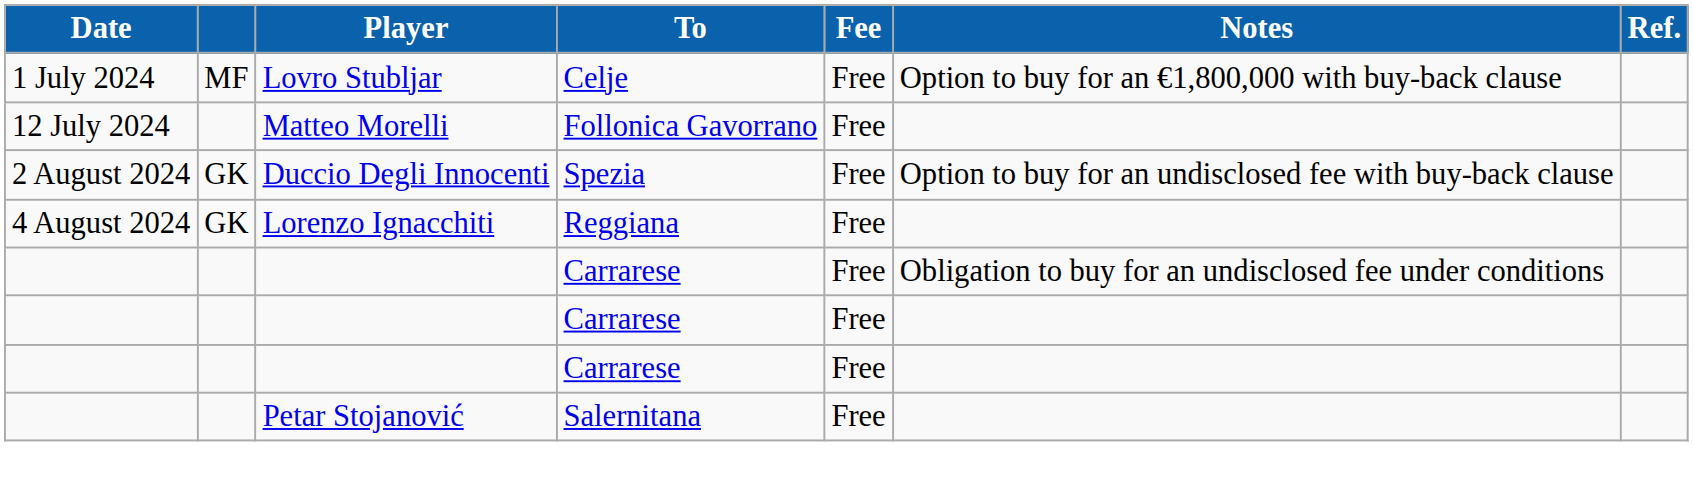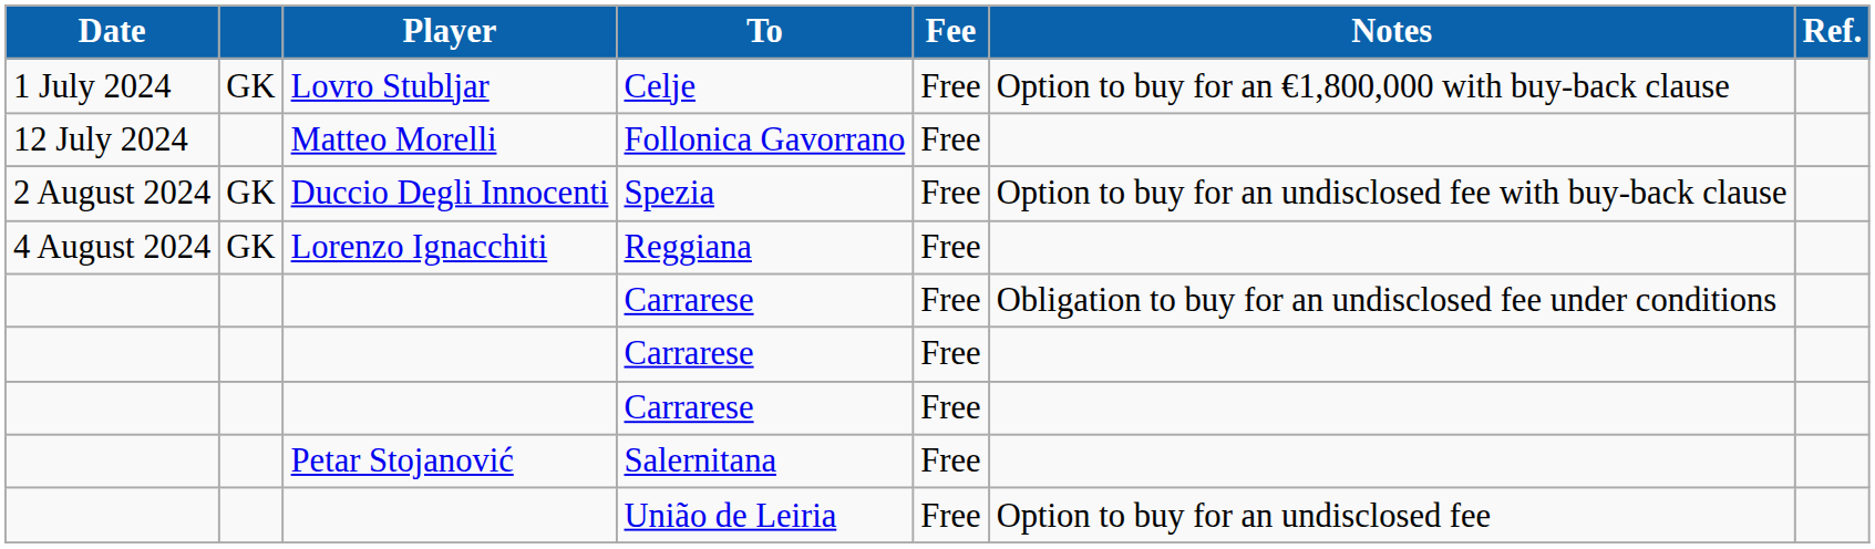 <table class="wikitable">
 <tr>
 <th style="background:#0962AB;color:white">Date</th>
 <th style="background:#0962AB;color:white"></th>
 <th style="background:#0962AB;color:white">Player</th>
 <th style="background:#0962AB;color:white">To</th>
 <th style="background:#0962AB;color:white">Fee</th>
 <th style="background:#0962AB;color:white">Notes</th>
 <th style="background:#0962AB;color:white">Ref.</th>
 </tr>
 <tr>
 <td>1 July 2024</td>
-<td>MF</td>
+<td>GK</td>
 <td> <a href='#'>Lovro Stubljar</a></td>
 <td> <a href='#'>Celje</a></td>
 <td>Free</td>
 <td>Option to buy for an €1,800,000 with buy-back clause</td>
 <td></td>
 </tr>
 <tr>
 <td>12 July 2024</td>
 <td></td>
 <td> <a href='#'>Matteo Morelli</a></td>
 <td> <a href='#'>Follonica Gavorrano</a></td>
 <td>Free</td>
 <td></td>
 <td></td>
 </tr>
 <tr>
 <td>2 August 2024</td>
 <td>GK</td>
 <td> <a href='#'>Duccio Degli Innocenti</a></td>
 <td> <a href='#'>Spezia</a></td>
 <td>Free</td>
 <td>Option to buy for an undisclosed fee with buy-back clause</td>
 <td></td>
 </tr>
 <tr>
 <td>4 August 2024</td>
 <td>GK</td>
 <td> <a href='#'>Lorenzo Ignacchiti</a></td>
 <td> <a href='#'>Reggiana</a></td>
 <td>Free</td>
 <td></td>
 <td></td>
 </tr>
 <tr>
 <td></td>
 <td></td>
 <td> </td>
 <td> <a href='#'>Carrarese</a></td>
 <td>Free</td>
 <td>Obligation to buy for an undisclosed fee under conditions</td>
 <td></td>
 </tr>
 <tr>
 <td></td>
 <td></td>
 <td> </td>
 <td> <a href='#'>Carrarese</a></td>
 <td>Free</td>
 <td></td>
 <td></td>
 </tr>
 <tr>
 <td></td>
 <td></td>
 <td> </td>
 <td> <a href='#'>Carrarese</a></td>
 <td>Free</td>
 <td></td>
 <td></td>
 </tr>
 <tr>
 <td></td>
 <td></td>
 <td> <a href='#'>Petar Stojanović</a></td>
 <td> <a href='#'>Salernitana</a></td>
 <td>Free</td>
 <td></td>
 <td></td>
 </tr>
+<tr>
+<td></td>
+<td></td>
+<td> </td>
+<td> <a href='#'>União de Leiria</a></td>
+<td>Free</td>
+<td>Option to buy for an undisclosed fee</td>
+<td></td>
+</tr>
 </table>
